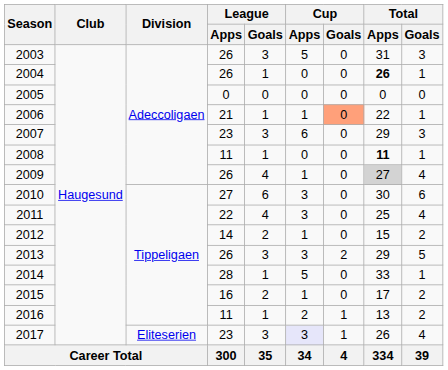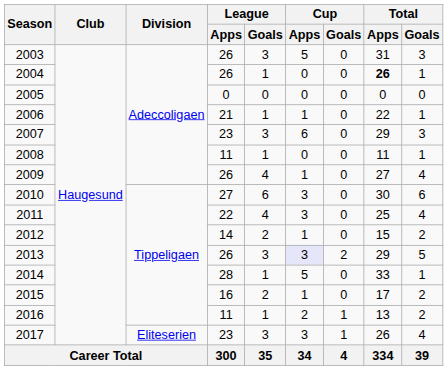 <table class="wikitable" style="text-align: center;">
 <tr>
 <th rowspan="2">Season</th>
 <th rowspan="2">Club</th>
 <th rowspan="2">Division</th>
 <th colspan="2">League</th>
 <th colspan="2">Cup</th>
 <th colspan="2">Total</th>
 </tr>
 <tr>
 <th>Apps</th>
 <th>Goals</th>
 <th>Apps</th>
 <th>Goals</th>
 <th>Apps</th>
 <th>Goals</th>
 </tr>
 <tr>
 <td>2003</td>
 <td rowspan="15" valign="center"><a href='#'>Haugesund</a></td>
 <td rowspan="7" valign="center"><a href='#'>Adeccoligaen</a></td>
 <td>26</td>
 <td>3</td>
 <td>5</td>
 <td>0</td>
 <td>31</td>
 <td>3</td>
 </tr>
 <tr>
 <td>2004</td>
 <td>26</td>
 <td>1</td>
 <td>0</td>
 <td>0</td>
 <td><strong>26</strong></td>
 <td>1</td>
 </tr>
 <tr>
 <td>2005</td>
 <td>0</td>
 <td>0</td>
 <td>0</td>
 <td>0</td>
 <td>0</td>
 <td>0</td>
 </tr>
 <tr>
 <td>2006</td>
 <td>21</td>
 <td>1</td>
 <td>1</td>
-<td style="background: lightsalmon;">0</td>
+<td>0</td>
 <td>22</td>
 <td>1</td>
 </tr>
 <tr>
 <td>2007</td>
 <td>23</td>
 <td>3</td>
 <td>6</td>
 <td>0</td>
 <td>29</td>
 <td>3</td>
 </tr>
 <tr>
 <td>2008</td>
 <td>11</td>
 <td>1</td>
 <td>0</td>
 <td>0</td>
-<td><strong>11</strong></td>
+<td>11</td>
 <td>1</td>
 </tr>
 <tr>
 <td>2009</td>
 <td>26</td>
 <td>4</td>
 <td>1</td>
 <td>0</td>
-<td style="background: lightgrey;">27</td>
+<td>27</td>
 <td>4</td>
 </tr>
 <tr>
 <td>2010</td>
 <td rowspan="7" valign="center"><a href='#'>Tippeligaen</a></td>
 <td>27</td>
 <td>6</td>
 <td>3</td>
 <td>0</td>
 <td>30</td>
 <td>6</td>
 </tr>
 <tr>
 <td>2011</td>
 <td>22</td>
 <td>4</td>
 <td>3</td>
 <td>0</td>
 <td>25</td>
 <td>4</td>
 </tr>
 <tr>
 <td>2012</td>
 <td>14</td>
 <td>2</td>
 <td>1</td>
 <td>0</td>
 <td>15</td>
 <td>2</td>
 </tr>
 <tr>
 <td>2013</td>
 <td>26</td>
 <td>3</td>
-<td>3</td>
+<td style="background: lavender;">3</td>
 <td>2</td>
 <td>29</td>
 <td>5</td>
 </tr>
 <tr>
 <td>2014</td>
 <td>28</td>
 <td>1</td>
 <td>5</td>
 <td>0</td>
 <td>33</td>
 <td>1</td>
 </tr>
 <tr>
 <td>2015</td>
 <td>16</td>
 <td>2</td>
 <td>1</td>
 <td>0</td>
 <td>17</td>
 <td>2</td>
 </tr>
 <tr>
 <td>2016</td>
 <td>11</td>
 <td>1</td>
 <td>2</td>
 <td>1</td>
 <td>13</td>
 <td>2</td>
 </tr>
 <tr>
 <td>2017</td>
 <td rowspan="1" valign="center"><a href='#'>Eliteserien</a></td>
 <td>23</td>
 <td>3</td>
-<td style="background: lavender;">3</td>
+<td>3</td>
 <td>1</td>
 <td>26</td>
 <td>4</td>
 </tr>
 <tr>
 <th colspan="3">Career Total</th>
 <th>300</th>
 <th>35</th>
 <th>34</th>
 <th>4</th>
 <th>334</th>
 <th>39</th>
 </tr>
 </table>
